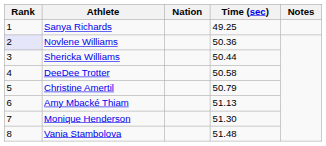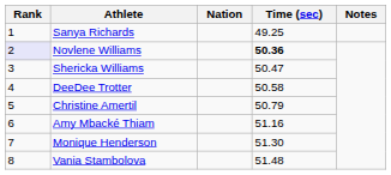 <table class="wikitable" style="text=align:center;" width=85%>
 <tr>
 <th>Rank</th>
 <th>Athlete</th>
 <th>Nation</th>
 <th>Time (<a href='#'>sec</a>)</th>
 <th>Notes</th>
 </tr>
 <tr>
 <td>1</td>
 <td><a href='#'>Sanya Richards</a></td>
 <td></td>
 <td>49.25</td>
 <td></td>
 </tr>
 <tr>
 <td style="background: lavender;">2</td>
 <td><a href='#'>Novlene Williams</a></td>
 <td></td>
-<td>50.36</td>
+<td><strong>50.36</strong></td>
 </tr>
 <tr>
 <td>3</td>
 <td><a href='#'>Shericka Williams</a></td>
 <td></td>
-<td>50.44</td>
+<td>50.47</td>
 </tr>
 <tr>
 <td>4</td>
 <td><a href='#'>DeeDee Trotter</a></td>
 <td></td>
 <td>50.58</td>
 </tr>
 <tr>
 <td>5</td>
 <td><a href='#'>Christine Amertil</a></td>
 <td></td>
 <td>50.79</td>
 </tr>
 <tr>
 <td>6</td>
 <td><a href='#'>Amy Mbacké Thiam</a></td>
 <td></td>
-<td>51.13</td>
+<td>51.16</td>
 </tr>
 <tr>
 <td>7</td>
 <td><a href='#'>Monique Henderson</a></td>
 <td></td>
 <td>51.30</td>
 </tr>
 <tr>
 <td>8</td>
 <td><a href='#'>Vania Stambolova</a></td>
 <td></td>
 <td>51.48</td>
 </tr>
 </table>
